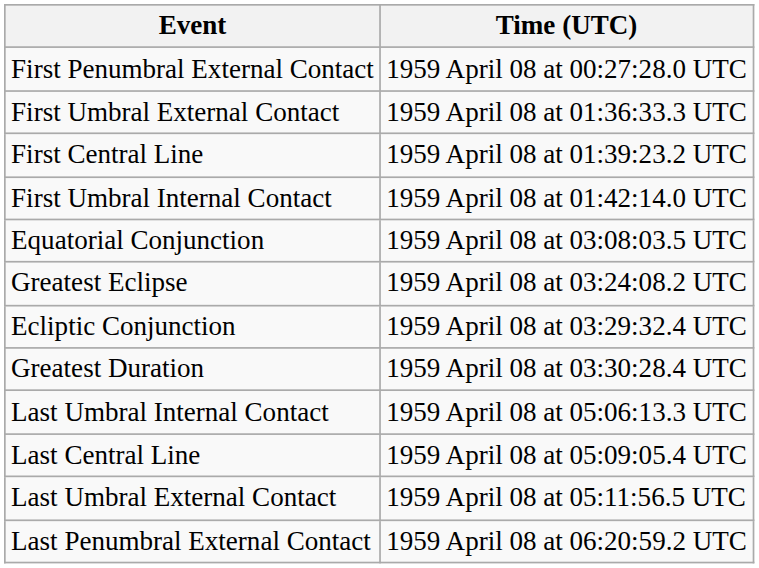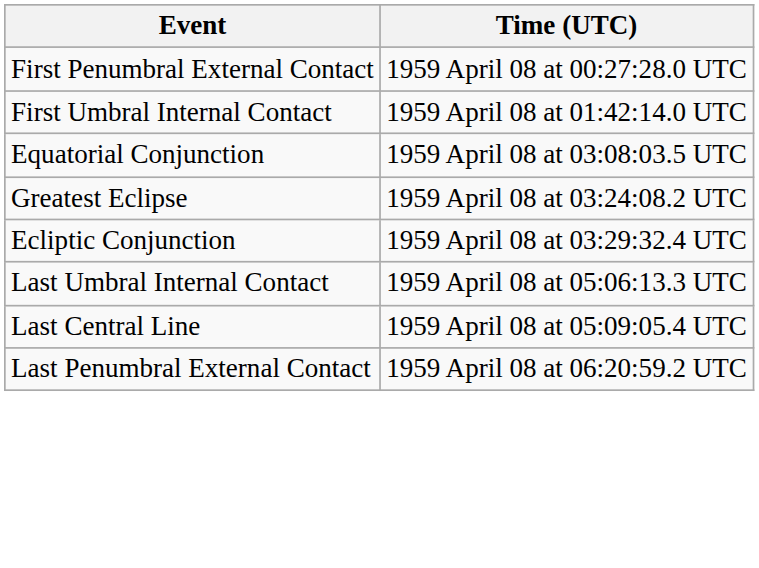 <table class="wikitable">
 <tr>
 <th>Event</th>
 <th>Time (UTC)</th>
 </tr>
 <tr>
 <td>First Penumbral External Contact</td>
 <td>1959 April 08 at 00:27:28.0 UTC</td>
-</tr>
-<tr>
-<td>First Umbral External Contact</td>
-<td>1959 April 08 at 01:36:33.3 UTC</td>
-</tr>
-<tr>
-<td>First Central Line</td>
-<td>1959 April 08 at 01:39:23.2 UTC</td>
 </tr>
 <tr>
 <td>First Umbral Internal Contact</td>
 <td>1959 April 08 at 01:42:14.0 UTC</td>
 </tr>
 <tr>
 <td>Equatorial Conjunction</td>
 <td>1959 April 08 at 03:08:03.5 UTC</td>
 </tr>
 <tr>
 <td>Greatest Eclipse</td>
 <td>1959 April 08 at 03:24:08.2 UTC</td>
 </tr>
 <tr>
 <td>Ecliptic Conjunction</td>
 <td>1959 April 08 at 03:29:32.4 UTC</td>
 </tr>
 <tr>
-<td>Greatest Duration</td>
-<td>1959 April 08 at 03:30:28.4 UTC</td>
-</tr>
-<tr>
 <td>Last Umbral Internal Contact</td>
 <td>1959 April 08 at 05:06:13.3 UTC</td>
 </tr>
 <tr>
 <td>Last Central Line</td>
 <td>1959 April 08 at 05:09:05.4 UTC</td>
 </tr>
 <tr>
-<td>Last Umbral External Contact</td>
-<td>1959 April 08 at 05:11:56.5 UTC</td>
-</tr>
-<tr>
 <td>Last Penumbral External Contact</td>
 <td>1959 April 08 at 06:20:59.2 UTC</td>
 </tr>
 </table>
